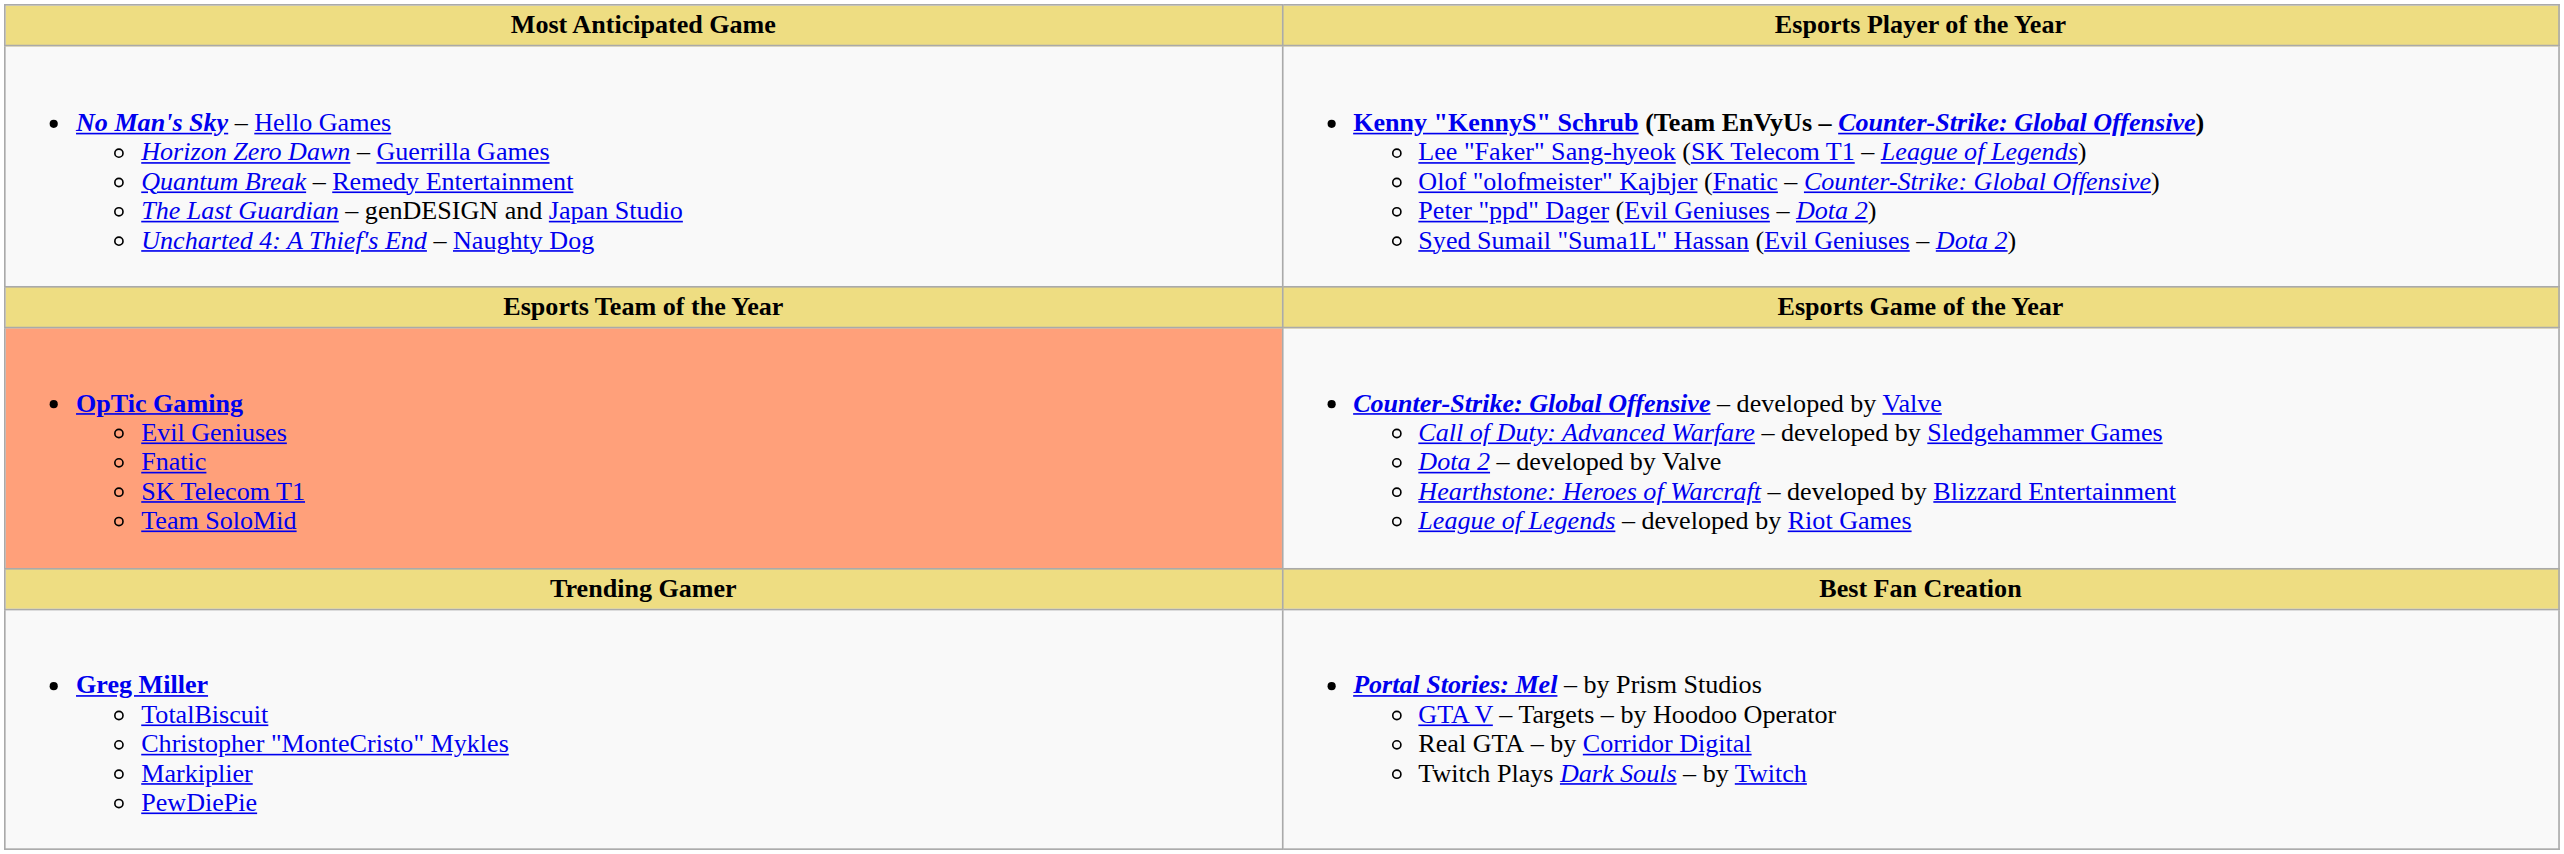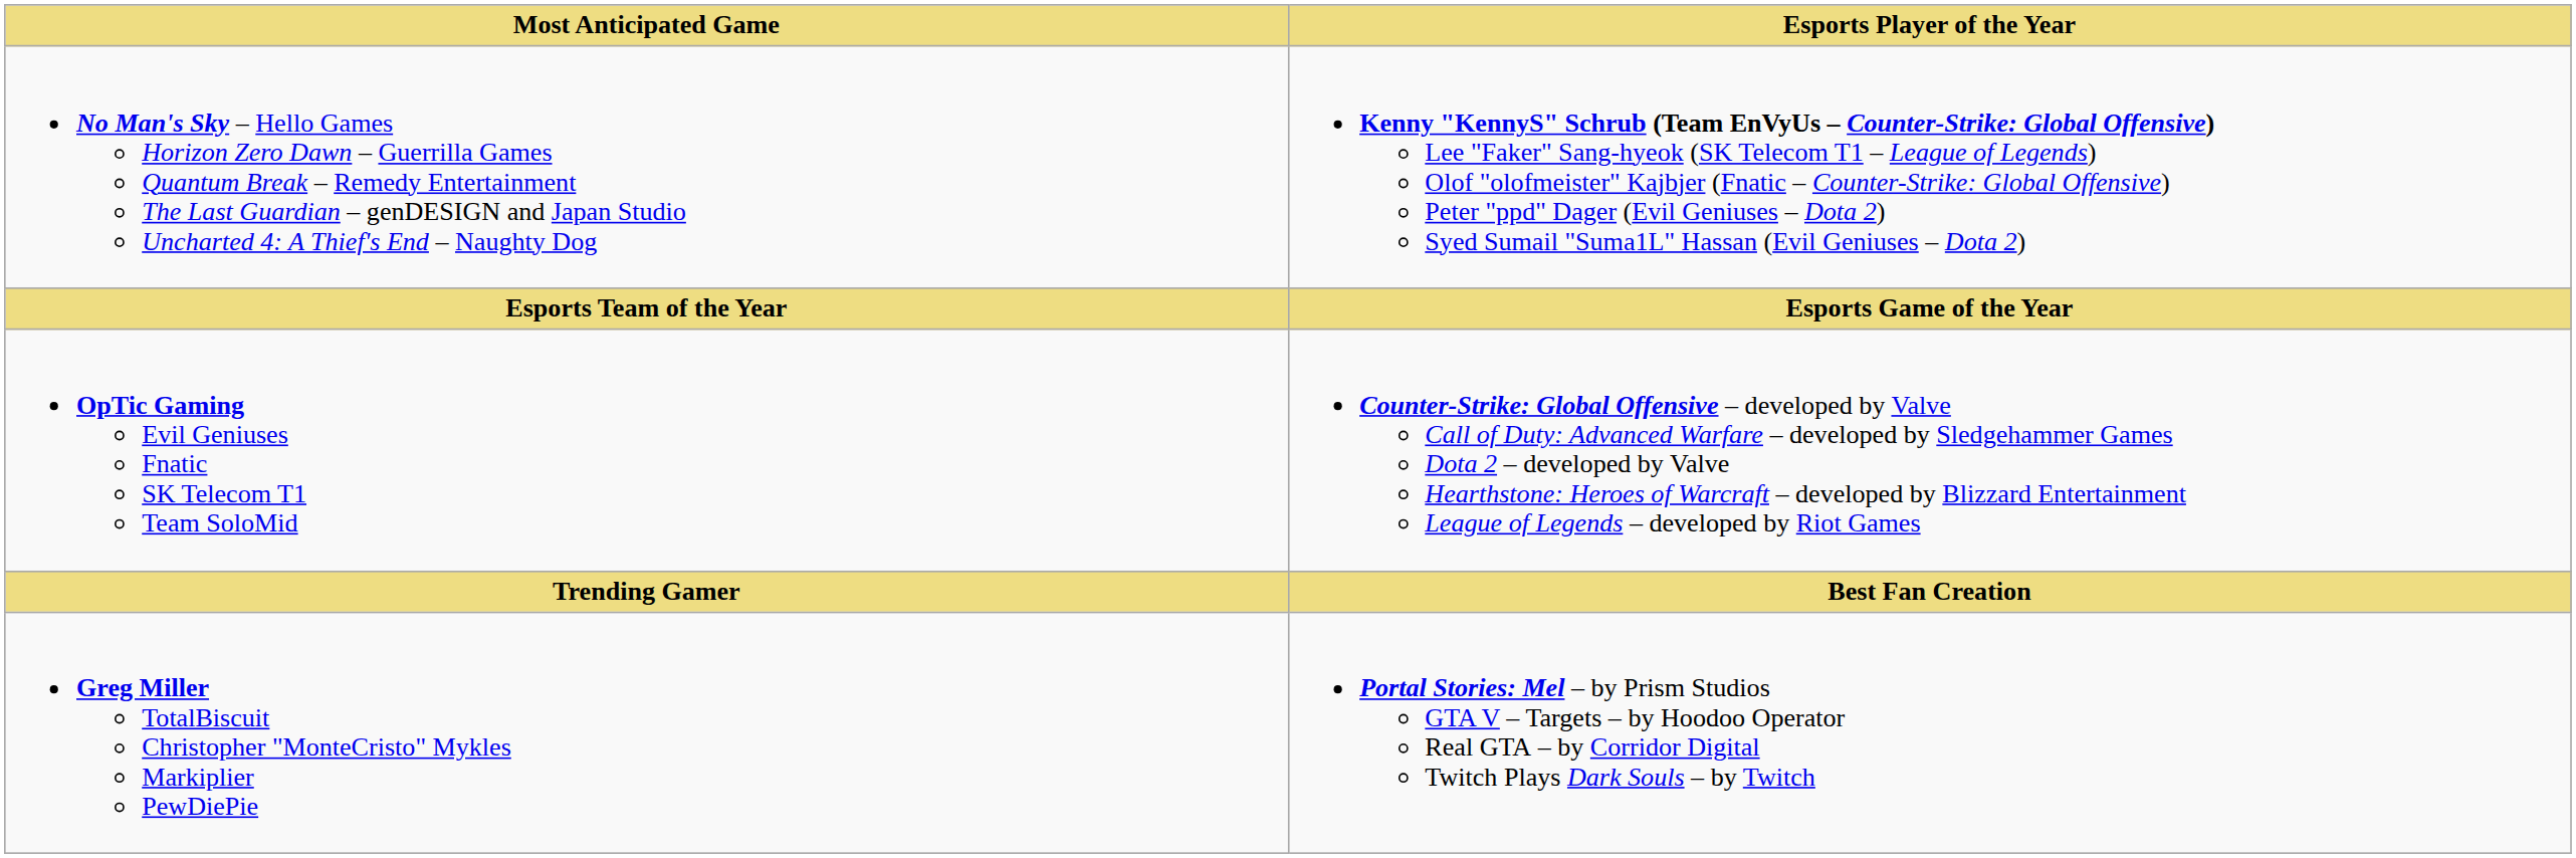 <table class=wikitable>
 <tr>
 <th style="background:#eedd82; width:50%">Most Anticipated Game</th>
 <th style="background:#eedd82; width:50%">Esports Player of the Year</th>
 </tr>
 <tr>
 <td valign="top"><br><ul><li><strong><em><a href='#'>No Man's Sky</a></em></strong> – <a href='#'>Hello Games</a><ul><li><em><a href='#'>Horizon Zero Dawn</a></em> – <a href='#'>Guerrilla Games</a></li><li><em><a href='#'>Quantum Break</a></em> – <a href='#'>Remedy Entertainment</a></li><li><em><a href='#'>The Last Guardian</a></em> – genDESIGN and <a href='#'>Japan Studio</a></li><li><em><a href='#'>Uncharted 4: A Thief's End</a></em> – <a href='#'>Naughty Dog</a></li></ul></li></ul></td>
 <td valign="top"><br><ul><li><strong><a href='#'>Kenny "KennyS" Schrub</a> (Team EnVyUs – <em><a href='#'>Counter-Strike: Global Offensive</a></em>)</strong><ul><li><a href='#'>Lee "Faker" Sang-hyeok</a> (<a href='#'>SK Telecom T1</a> – <em><a href='#'>League of Legends</a></em>)</li><li><a href='#'>Olof "olofmeister" Kajbjer</a> (<a href='#'>Fnatic</a> – <em><a href='#'>Counter-Strike: Global Offensive</a></em>)</li><li><a href='#'>Peter "ppd" Dager</a> (<a href='#'>Evil Geniuses</a> – <em><a href='#'>Dota 2</a></em>)</li><li><a href='#'>Syed Sumail "Suma1L" Hassan</a> (<a href='#'>Evil Geniuses</a> – <em><a href='#'>Dota 2</a></em>)</li></ul></li></ul></td>
 </tr>
 <tr>
 <th style="background:#eedd82; width:50%">Esports Team of the Year</th>
 <th style="background:#eedd82; width:50em;">Esports Game of the Year</th>
 </tr>
 <tr>
-<td valign="top" style="background: lightsalmon;"><br><ul><li><strong><a href='#'>OpTic Gaming</a></strong><ul><li><a href='#'>Evil Geniuses</a></li><li><a href='#'>Fnatic</a></li><li><a href='#'>SK Telecom T1</a></li><li><a href='#'>Team SoloMid</a></li></ul></li></ul></td>
+<td valign="top"><br><ul><li><strong><a href='#'>OpTic Gaming</a></strong><ul><li><a href='#'>Evil Geniuses</a></li><li><a href='#'>Fnatic</a></li><li><a href='#'>SK Telecom T1</a></li><li><a href='#'>Team SoloMid</a></li></ul></li></ul></td>
 <td valign="top"><br><ul><li><strong><em><a href='#'>Counter-Strike: Global Offensive</a></em></strong> – developed by <a href='#'>Valve</a><ul><li><em><a href='#'>Call of Duty: Advanced Warfare</a></em> – developed by <a href='#'>Sledgehammer Games</a></li><li><em><a href='#'>Dota 2</a></em> – developed by Valve</li><li><em><a href='#'>Hearthstone: Heroes of Warcraft</a></em> – developed by <a href='#'>Blizzard Entertainment</a></li><li><em><a href='#'>League of Legends</a></em> – developed by <a href='#'>Riot Games</a></li></ul></li></ul></td>
 </tr>
 <tr>
 <th style="background:#eedd82; width:50%">Trending Gamer</th>
 <th style="background:#eedd82; width:50em;">Best Fan Creation</th>
 </tr>
 <tr>
 <td valign="top"><br><ul><li><strong><a href='#'>Greg Miller</a></strong><ul><li><a href='#'>TotalBiscuit</a></li><li><a href='#'>Christopher "MonteCristo" Mykles</a></li><li><a href='#'>Markiplier</a></li><li><a href='#'>PewDiePie</a></li></ul></li></ul></td>
 <td valign="top"><br><ul><li><strong><em><a href='#'>Portal Stories: Mel</a></em></strong> – by Prism Studios<ul><li><a href='#'>GTA V</a> – Targets – by Hoodoo Operator</li><li>Real GTA – by <a href='#'>Corridor Digital</a></li><li>Twitch Plays <em><a href='#'>Dark Souls</a></em> – by <a href='#'>Twitch</a></li></ul></li></ul></td>
 </tr>
 </table>
